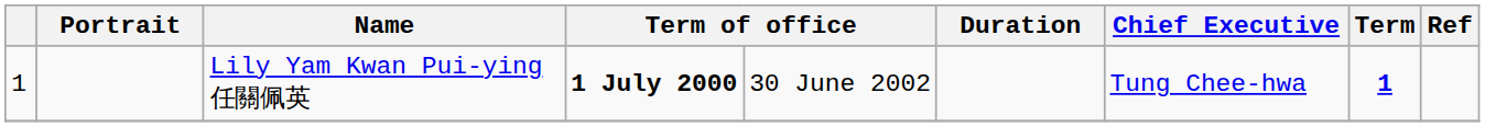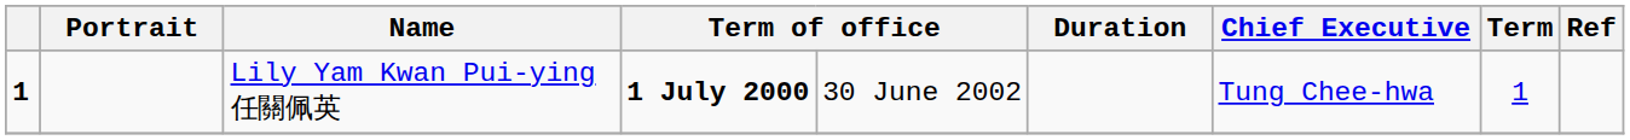 <table class="wikitable"  style="text-align:left">
 <tr>
 <th width=10px></th>
 <th width=80px>Portrait</th>
 <th width=180px>Name</th>
 <th width=180px colspan=2>Term of office</th>
 <th width=80px>Duration</th>
 <th width=120px><a href='#'>Chief Executive</a></th>
 <th>Term</th>
 <th>Ref</th>
 </tr>
 <tr>
-<td bgcolor=>1</td>
+<td bgcolor=><strong>1</strong></td>
 <td></td>
 <td><a href='#'>Lily Yam Kwan Pui-ying</a><br>任關佩英</td>
 <td><strong>1 July 2000</strong></td>
 <td>30 June 2002</td>
 <td></td>
 <td><a href='#'>Tung Chee-hwa</a><br></td>
-<td align=center><strong><a href='#'>1</a></strong></td>
+<td align=center><a href='#'>1</a></td>
 <td></td>
 </tr>
 <tr>
 </tr>
 </table>
